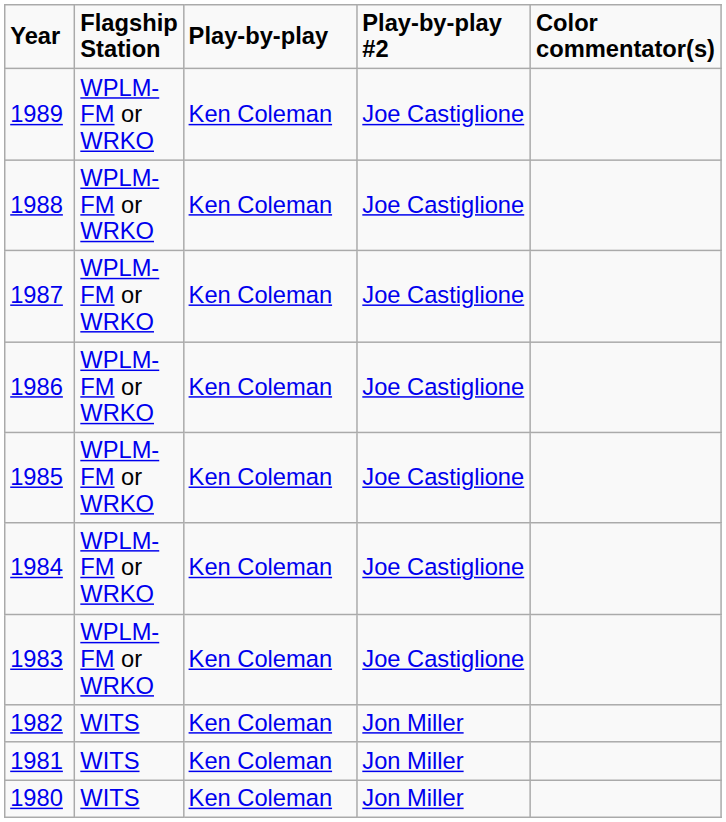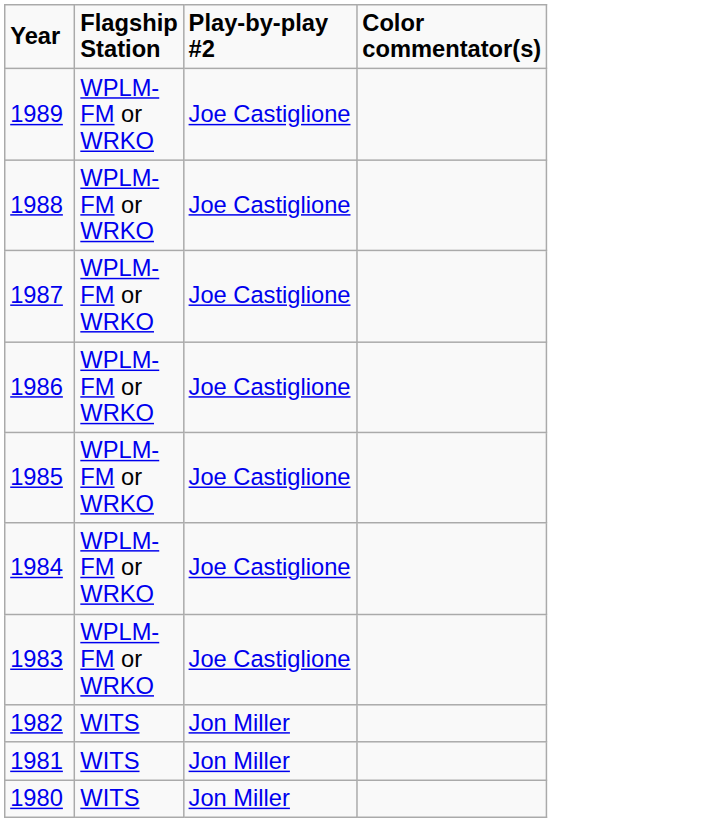 <table class="wikitable">
 <tr>
 <td width="40"><strong>Year</strong></td>
 <td width="40"><strong>Flagship Station</strong></td>
-<td width="110"><strong>Play-by-play</strong></td>
 <td width="110"><strong>Play-by-play #2</strong></td>
 <td width="110"><strong>Color commentator(s)</strong></td>
 </tr>
 <tr>
 <td><a href='#'>1989</a></td>
 <td><a href='#'>WPLM-FM</a> or <a href='#'>WRKO</a></td>
-<td><a href='#'>Ken Coleman</a></td>
 <td><a href='#'>Joe Castiglione</a></td>
 <td></td>
 </tr>
 <tr>
 <td><a href='#'>1988</a></td>
 <td><a href='#'>WPLM-FM</a> or <a href='#'>WRKO</a></td>
-<td><a href='#'>Ken Coleman</a></td>
 <td><a href='#'>Joe Castiglione</a></td>
 <td></td>
 </tr>
 <tr>
 <td><a href='#'>1987</a></td>
 <td><a href='#'>WPLM-FM</a> or <a href='#'>WRKO</a></td>
-<td><a href='#'>Ken Coleman</a></td>
 <td><a href='#'>Joe Castiglione</a></td>
 <td></td>
 </tr>
 <tr>
 <td><a href='#'>1986</a></td>
 <td><a href='#'>WPLM-FM</a> or <a href='#'>WRKO</a></td>
-<td><a href='#'>Ken Coleman</a></td>
 <td><a href='#'>Joe Castiglione</a></td>
 <td></td>
 </tr>
 <tr>
 <td><a href='#'>1985</a></td>
 <td><a href='#'>WPLM-FM</a> or <a href='#'>WRKO</a></td>
-<td><a href='#'>Ken Coleman</a></td>
 <td><a href='#'>Joe Castiglione</a></td>
 <td></td>
 </tr>
 <tr>
 <td><a href='#'>1984</a></td>
 <td><a href='#'>WPLM-FM</a> or <a href='#'>WRKO</a></td>
-<td><a href='#'>Ken Coleman</a></td>
 <td><a href='#'>Joe Castiglione</a></td>
 <td></td>
 </tr>
 <tr>
 <td><a href='#'>1983</a></td>
 <td><a href='#'>WPLM-FM</a> or <a href='#'>WRKO</a></td>
-<td><a href='#'>Ken Coleman</a></td>
 <td><a href='#'>Joe Castiglione</a></td>
 <td></td>
 </tr>
 <tr>
 <td><a href='#'>1982</a></td>
 <td><a href='#'>WITS</a></td>
-<td><a href='#'>Ken Coleman</a></td>
 <td><a href='#'>Jon Miller</a></td>
 <td></td>
 </tr>
 <tr>
 <td><a href='#'>1981</a></td>
 <td><a href='#'>WITS</a></td>
-<td><a href='#'>Ken Coleman</a></td>
 <td><a href='#'>Jon Miller</a></td>
 <td></td>
 </tr>
 <tr>
 <td><a href='#'>1980</a></td>
 <td><a href='#'>WITS</a></td>
-<td><a href='#'>Ken Coleman</a></td>
 <td><a href='#'>Jon Miller</a></td>
 <td></td>
 </tr>
 </table>
